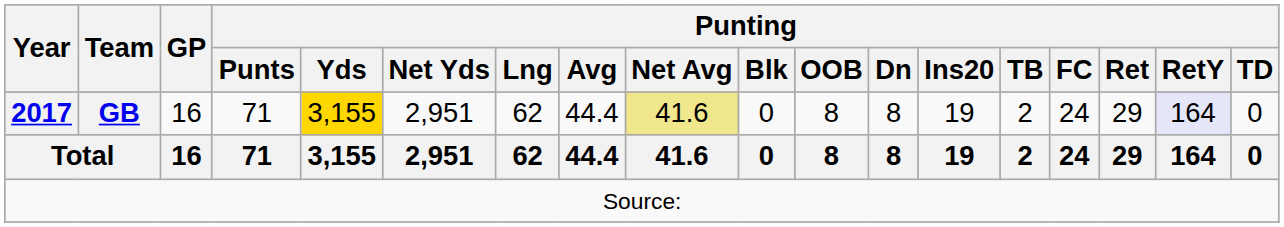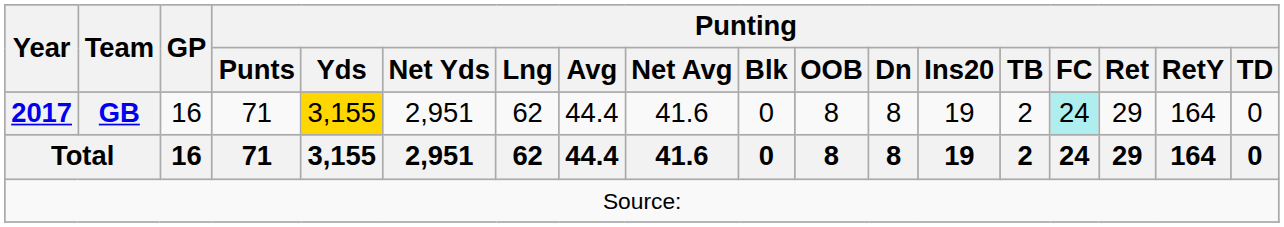 <table class="wikitable" style="text-align: center;">
 <tr>
 <th rowspan="2">Year</th>
 <th rowspan="2">Team</th>
 <th rowspan="2">GP</th>
 <th colspan="15">Punting</th>
 </tr>
 <tr>
 <th>Punts</th>
 <th>Yds</th>
 <th>Net Yds</th>
 <th>Lng</th>
 <th>Avg</th>
 <th>Net Avg</th>
 <th>Blk</th>
 <th>OOB</th>
 <th>Dn</th>
 <th>Ins20</th>
 <th>TB</th>
 <th>FC</th>
 <th>Ret</th>
 <th>RetY</th>
 <th>TD</th>
 </tr>
 <tr>
 <th><a href='#'>2017</a></th>
 <th><a href='#'>GB</a></th>
 <td>16</td>
 <td>71</td>
 <td style="background: gold;">3,155</td>
 <td>2,951</td>
 <td>62</td>
 <td>44.4</td>
-<td style="background: khaki;">41.6</td>
+<td>41.6</td>
 <td>0</td>
 <td>8</td>
 <td>8</td>
 <td>19</td>
 <td>2</td>
-<td>24</td>
+<td style="background: paleturquoise;">24</td>
 <td>29</td>
-<td style="background: lavender;">164</td>
+<td>164</td>
 <td>0</td>
 </tr>
 <tr>
 <th colspan="2">Total</th>
 <th>16</th>
 <th>71</th>
 <th>3,155</th>
 <th>2,951</th>
 <th>62</th>
 <th>44.4</th>
 <th>41.6</th>
 <th>0</th>
 <th>8</th>
 <th>8</th>
 <th>19</th>
 <th>2</th>
 <th>24</th>
 <th>29</th>
 <th>164</th>
 <th>0</th>
 </tr>
 <tr>
 <td colspan="18"><small>Source: </small></td>
 </tr>
 </table>
